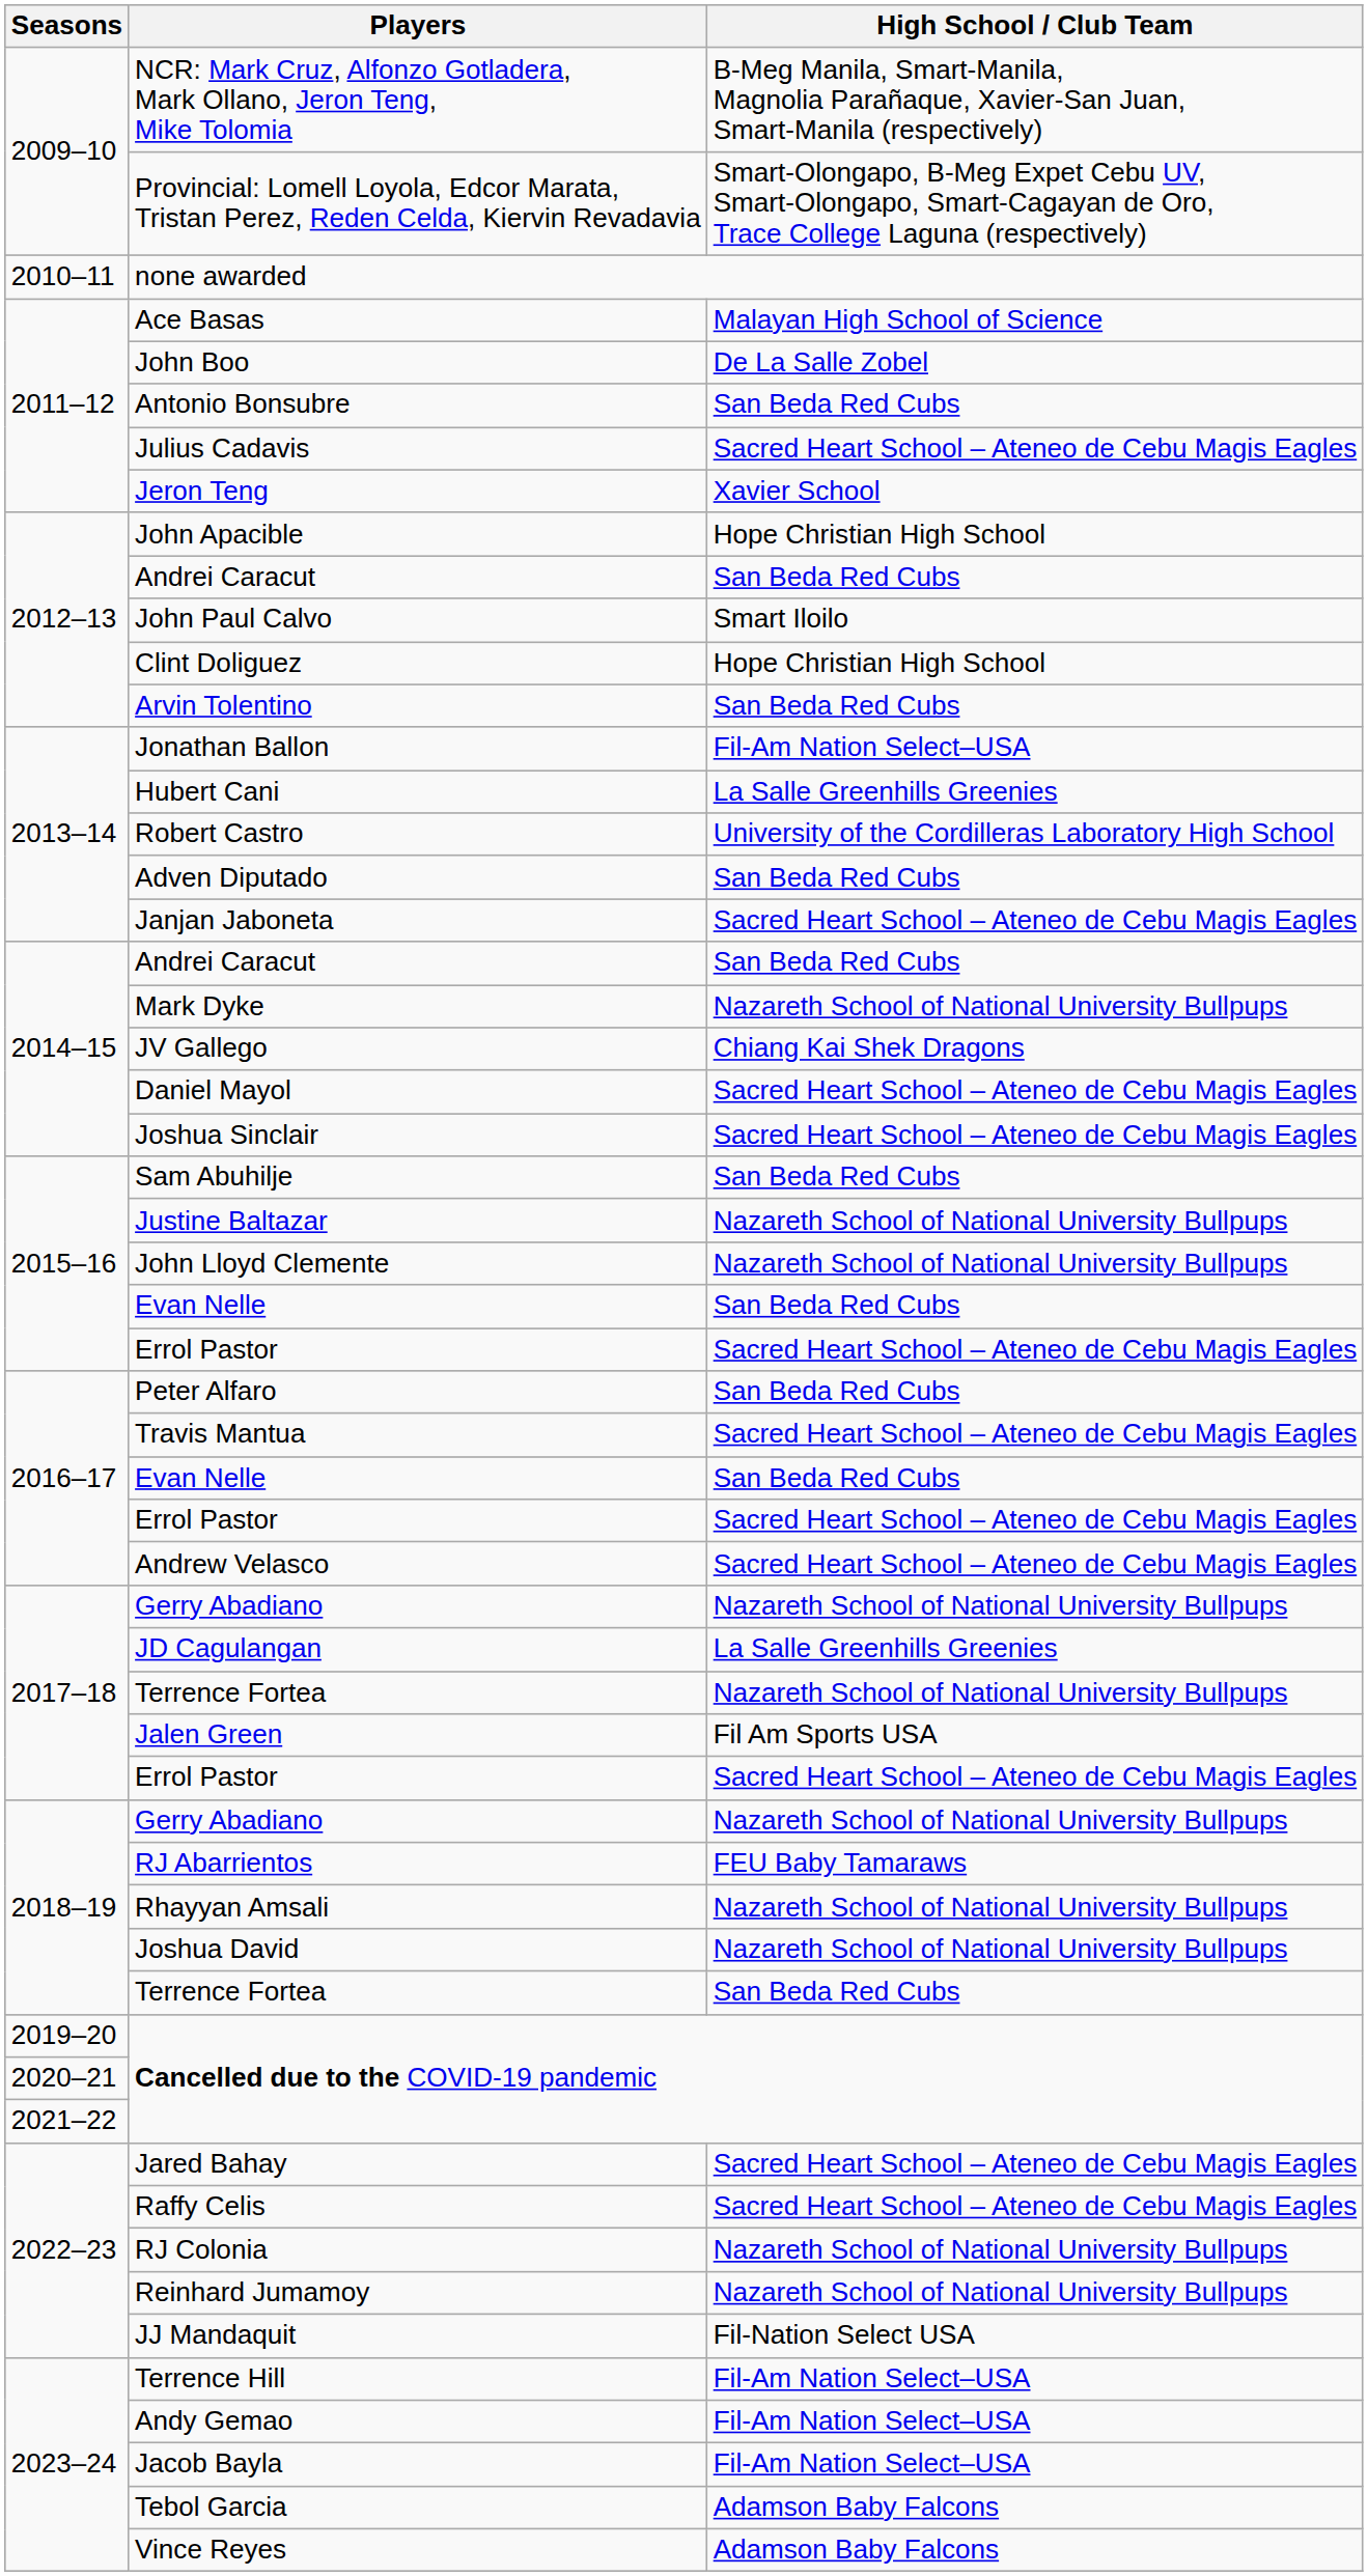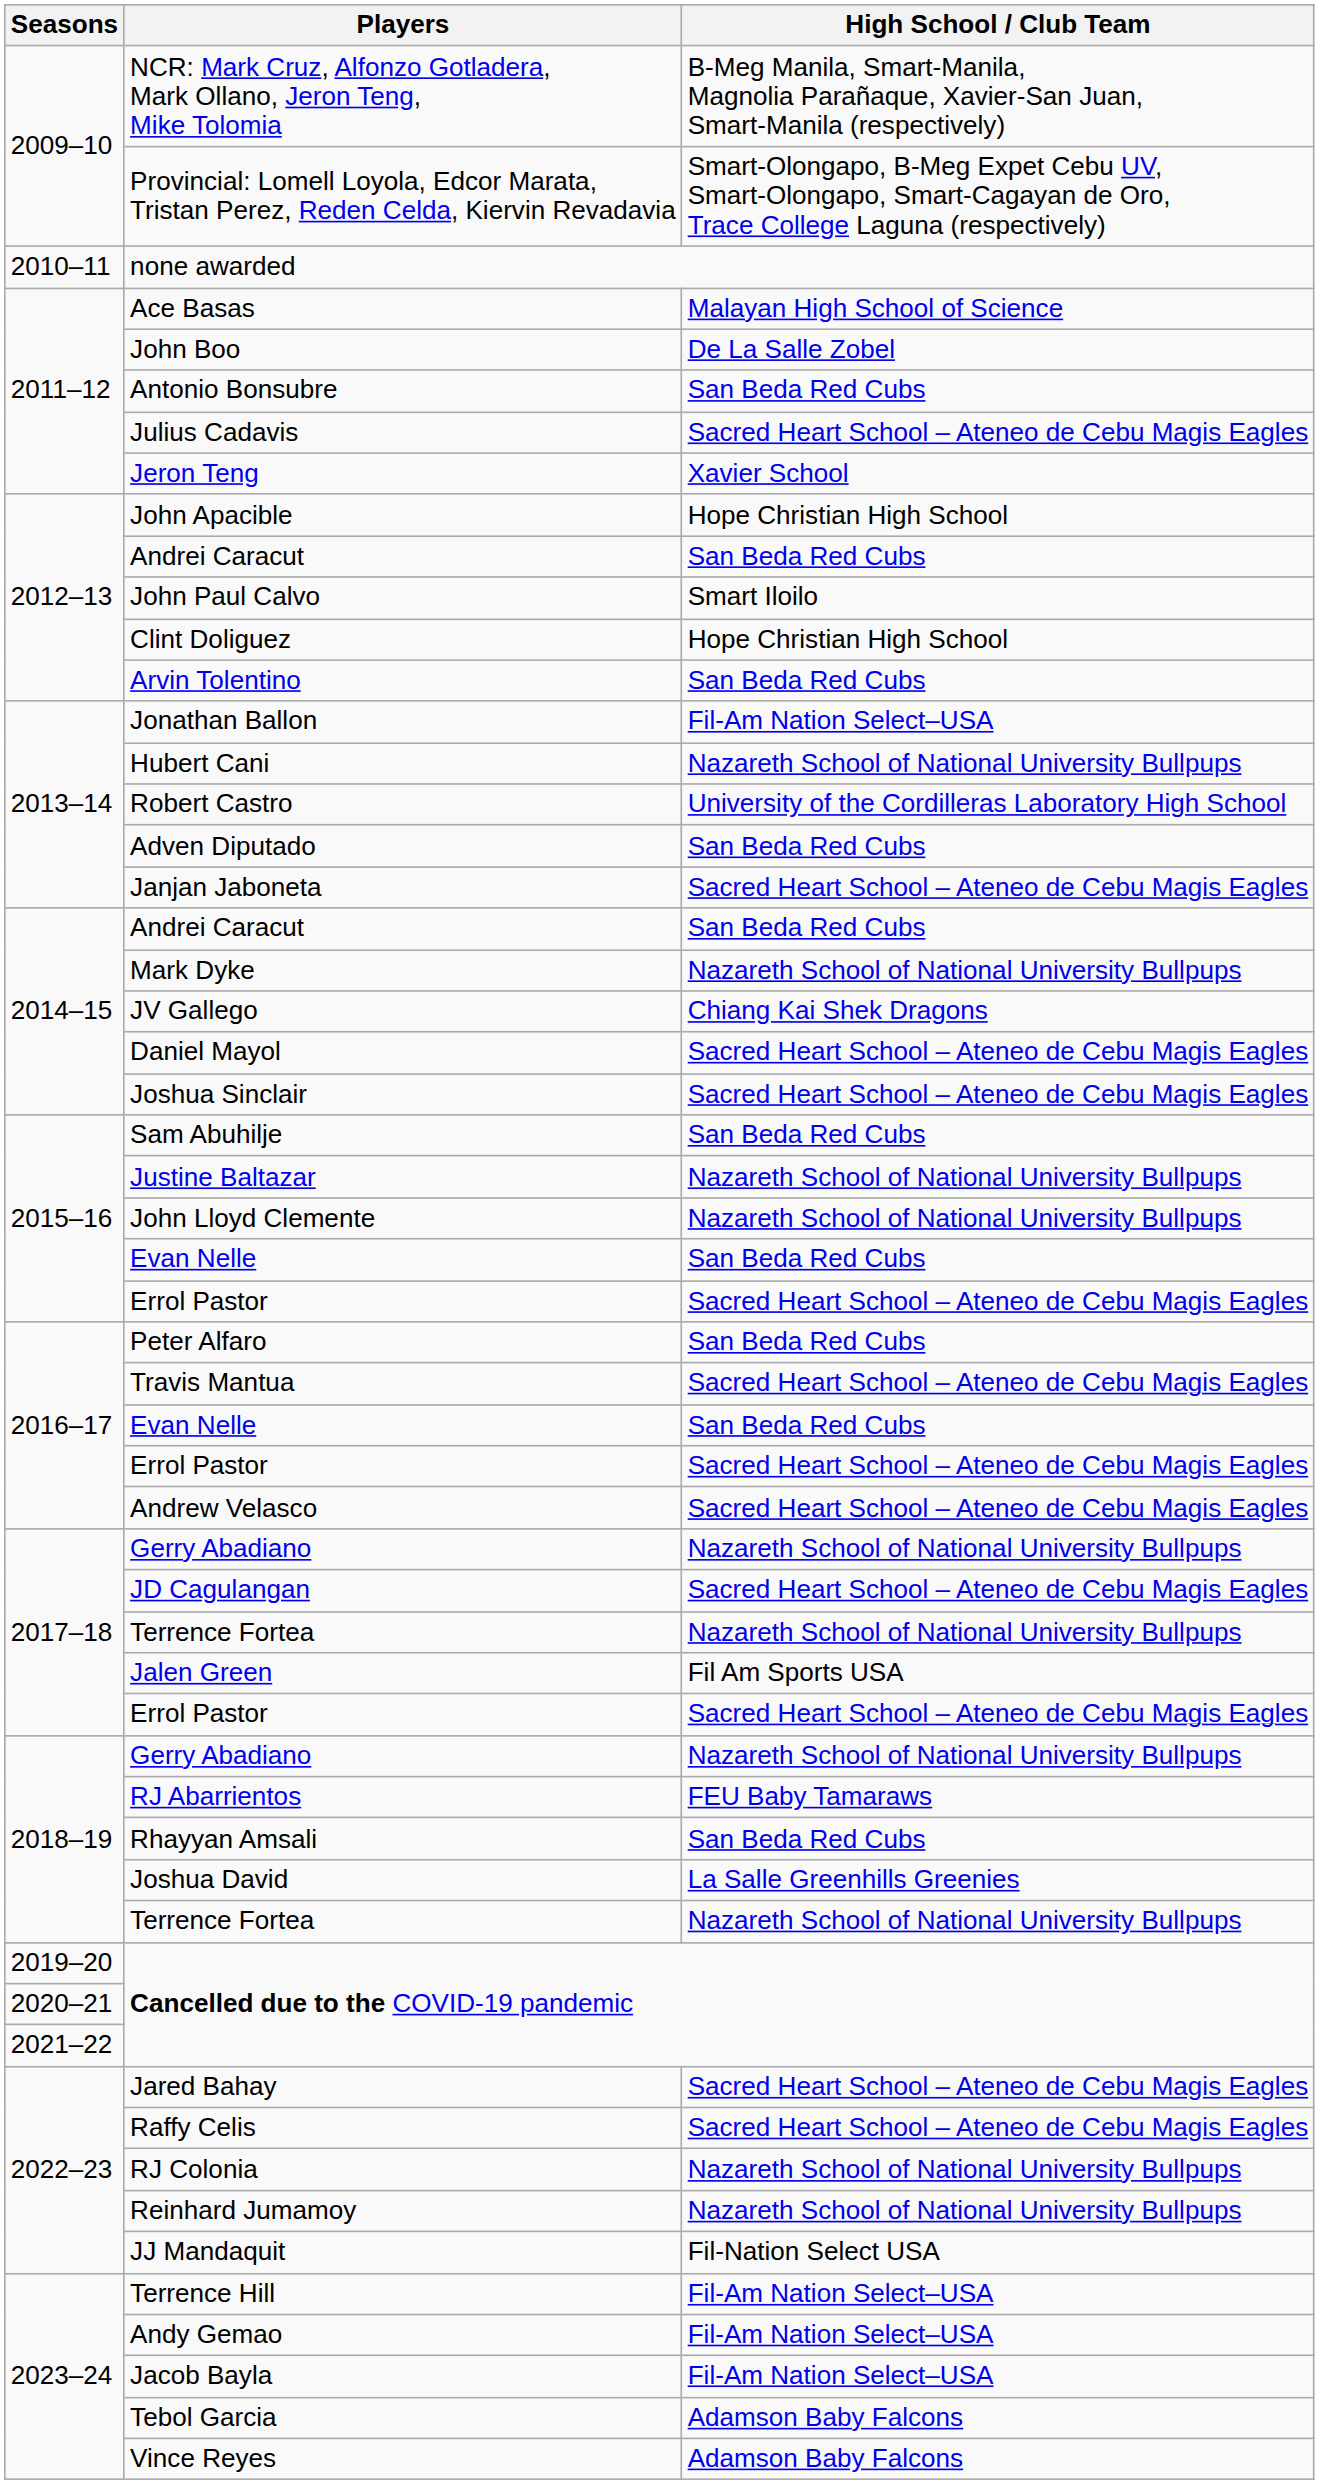 <table class="wikitable">
 <tr>
 <th>Seasons</th>
 <th>Players</th>
 <th>High School / Club Team</th>
 </tr>
 <tr>
 <td rowspan="2">2009–10</td>
 <td>NCR: <a href='#'>Mark Cruz</a>, <a href='#'>Alfonzo Gotladera</a>, <br>Mark Ollano, <a href='#'>Jeron Teng</a>,<br><a href='#'>Mike Tolomia</a></td>
 <td>B-Meg Manila, Smart-Manila, <br>Magnolia Parañaque, Xavier-San Juan,<br>Smart-Manila (respectively)</td>
 </tr>
 <tr>
 <td>Provincial: Lomell Loyola, Edcor Marata,<br>Tristan Perez, <a href='#'>Reden Celda</a>,  Kiervin Revadavia</td>
 <td>Smart-Olongapo, B-Meg Expet Cebu <a href='#'>UV</a>, <br>Smart-Olongapo, Smart-Cagayan de Oro, <br><a href='#'>Trace College</a> Laguna (respectively)</td>
 </tr>
 <tr>
 <td>2010–11</td>
 <td colspan="2">none awarded</td>
 </tr>
 <tr>
 <td rowspan="5">2011–12</td>
 <td>Ace Basas</td>
 <td><a href='#'>Malayan High School of Science</a></td>
 </tr>
 <tr>
 <td>John Boo</td>
 <td><a href='#'>De La Salle Zobel</a></td>
 </tr>
 <tr>
 <td>Antonio Bonsubre</td>
 <td><a href='#'>San Beda Red Cubs</a></td>
 </tr>
 <tr>
 <td>Julius Cadavis</td>
 <td><a href='#'>Sacred Heart School – Ateneo de Cebu Magis Eagles</a></td>
 </tr>
 <tr>
 <td><a href='#'>Jeron Teng</a></td>
 <td><a href='#'>Xavier School</a></td>
 </tr>
 <tr>
 <td rowspan="5">2012–13</td>
 <td>John Apacible</td>
 <td>Hope Christian High School</td>
 </tr>
 <tr>
 <td>Andrei Caracut</td>
 <td><a href='#'>San Beda Red Cubs</a></td>
 </tr>
 <tr>
 <td>John Paul Calvo</td>
 <td>Smart Iloilo</td>
 </tr>
 <tr>
 <td>Clint Doliguez</td>
 <td>Hope Christian High School</td>
 </tr>
 <tr>
 <td><a href='#'>Arvin Tolentino</a></td>
 <td><a href='#'>San Beda Red Cubs</a></td>
 </tr>
 <tr>
 <td rowspan="5">2013–14</td>
 <td>Jonathan Ballon</td>
 <td><a href='#'>Fil-Am Nation Select–USA</a></td>
 </tr>
 <tr>
 <td>Hubert Cani</td>
-<td><a href='#'>La Salle Greenhills Greenies</a></td>
+<td><a href='#'>Nazareth School of National University Bullpups</a></td>
 </tr>
 <tr>
 <td>Robert Castro</td>
 <td><a href='#'>University of the Cordilleras Laboratory High School</a></td>
 </tr>
 <tr>
 <td>Adven Diputado</td>
 <td><a href='#'>San Beda Red Cubs</a></td>
 </tr>
 <tr>
 <td>Janjan Jaboneta</td>
 <td><a href='#'>Sacred Heart School – Ateneo de Cebu Magis Eagles</a></td>
 </tr>
 <tr>
 <td rowspan="5">2014–15</td>
 <td>Andrei Caracut</td>
 <td><a href='#'>San Beda Red Cubs</a></td>
 </tr>
 <tr>
 <td>Mark Dyke</td>
 <td><a href='#'>Nazareth School of National University Bullpups</a></td>
 </tr>
 <tr>
 <td>JV Gallego</td>
 <td><a href='#'>Chiang Kai Shek Dragons</a></td>
 </tr>
 <tr>
 <td>Daniel Mayol</td>
 <td><a href='#'>Sacred Heart School – Ateneo de Cebu Magis Eagles</a></td>
 </tr>
 <tr>
 <td>Joshua Sinclair</td>
 <td><a href='#'>Sacred Heart School – Ateneo de Cebu Magis Eagles</a></td>
 </tr>
 <tr>
 <td rowspan="5">2015–16</td>
 <td>Sam Abuhilje</td>
 <td><a href='#'>San Beda Red Cubs</a></td>
 </tr>
 <tr>
 <td><a href='#'>Justine Baltazar</a></td>
 <td><a href='#'>Nazareth School of National University Bullpups</a></td>
 </tr>
 <tr>
 <td>John Lloyd Clemente</td>
 <td><a href='#'>Nazareth School of National University Bullpups</a></td>
 </tr>
 <tr>
 <td><a href='#'>Evan Nelle</a></td>
 <td><a href='#'>San Beda Red Cubs</a></td>
 </tr>
 <tr>
 <td>Errol Pastor</td>
 <td><a href='#'>Sacred Heart School – Ateneo de Cebu Magis Eagles</a></td>
 </tr>
 <tr>
 <td rowspan="5">2016–17</td>
 <td>Peter Alfaro</td>
 <td><a href='#'>San Beda Red Cubs</a></td>
 </tr>
 <tr>
 <td>Travis Mantua</td>
 <td><a href='#'>Sacred Heart School – Ateneo de Cebu Magis Eagles</a></td>
 </tr>
 <tr>
 <td><a href='#'>Evan Nelle</a></td>
 <td><a href='#'>San Beda Red Cubs</a></td>
 </tr>
 <tr>
 <td>Errol Pastor</td>
 <td><a href='#'>Sacred Heart School – Ateneo de Cebu Magis Eagles</a></td>
 </tr>
 <tr>
 <td>Andrew Velasco</td>
 <td><a href='#'>Sacred Heart School – Ateneo de Cebu Magis Eagles</a></td>
 </tr>
 <tr>
 <td rowspan="5">2017–18</td>
 <td><a href='#'>Gerry Abadiano</a></td>
 <td><a href='#'>Nazareth School of National University Bullpups</a></td>
 </tr>
 <tr>
 <td><a href='#'>JD Cagulangan</a></td>
-<td><a href='#'>La Salle Greenhills Greenies</a></td>
+<td><a href='#'>Sacred Heart School – Ateneo de Cebu Magis Eagles</a></td>
 </tr>
 <tr>
 <td>Terrence Fortea</td>
 <td><a href='#'>Nazareth School of National University Bullpups</a></td>
 </tr>
 <tr>
 <td><a href='#'>Jalen Green</a></td>
 <td>Fil Am Sports USA</td>
 </tr>
 <tr>
 <td>Errol Pastor</td>
 <td><a href='#'>Sacred Heart School – Ateneo de Cebu Magis Eagles</a></td>
 </tr>
 <tr>
 <td rowspan="5">2018–19</td>
 <td><a href='#'>Gerry Abadiano</a></td>
 <td><a href='#'>Nazareth School of National University Bullpups</a></td>
 </tr>
 <tr>
 <td><a href='#'>RJ Abarrientos</a></td>
 <td><a href='#'>FEU Baby Tamaraws</a></td>
 </tr>
 <tr>
 <td>Rhayyan Amsali</td>
-<td><a href='#'>Nazareth School of National University Bullpups</a></td>
+<td><a href='#'>San Beda Red Cubs</a></td>
 </tr>
 <tr>
 <td>Joshua David</td>
-<td><a href='#'>Nazareth School of National University Bullpups</a></td>
+<td><a href='#'>La Salle Greenhills Greenies</a></td>
 </tr>
 <tr>
 <td>Terrence Fortea</td>
-<td><a href='#'>San Beda Red Cubs</a></td>
+<td><a href='#'>Nazareth School of National University Bullpups</a></td>
 </tr>
 <tr>
 <td>2019–20</td>
 <td colspan="2" rowspan="3"><strong>Cancelled due to the</strong> <a href='#'>COVID-19 pandemic</a></td>
 </tr>
 <tr>
 <td>2020–21</td>
 </tr>
 <tr>
 <td>2021–22</td>
 </tr>
 <tr>
 <td rowspan="5">2022–23</td>
 <td>Jared Bahay</td>
 <td><a href='#'>Sacred Heart School – Ateneo de Cebu Magis Eagles</a></td>
 </tr>
 <tr>
 <td>Raffy Celis</td>
 <td><a href='#'>Sacred Heart School – Ateneo de Cebu Magis Eagles</a></td>
 </tr>
 <tr>
 <td>RJ Colonia</td>
 <td><a href='#'>Nazareth School of National University Bullpups</a></td>
 </tr>
 <tr>
 <td>Reinhard Jumamoy</td>
 <td><a href='#'>Nazareth School of National University Bullpups</a></td>
 </tr>
 <tr>
 <td>JJ Mandaquit</td>
 <td>Fil-Nation Select USA</td>
 </tr>
 <tr>
 <td rowspan="5">2023–24</td>
 <td>Terrence Hill</td>
 <td><a href='#'>Fil-Am Nation Select–USA</a></td>
 </tr>
 <tr>
 <td>Andy Gemao</td>
 <td><a href='#'>Fil-Am Nation Select–USA</a></td>
 </tr>
 <tr>
 <td>Jacob Bayla</td>
 <td><a href='#'>Fil-Am Nation Select–USA</a></td>
 </tr>
 <tr>
 <td>Tebol Garcia</td>
 <td><a href='#'>Adamson Baby Falcons</a></td>
 </tr>
 <tr>
 <td>Vince Reyes</td>
 <td><a href='#'>Adamson Baby Falcons</a></td>
 </tr>
 </table>
